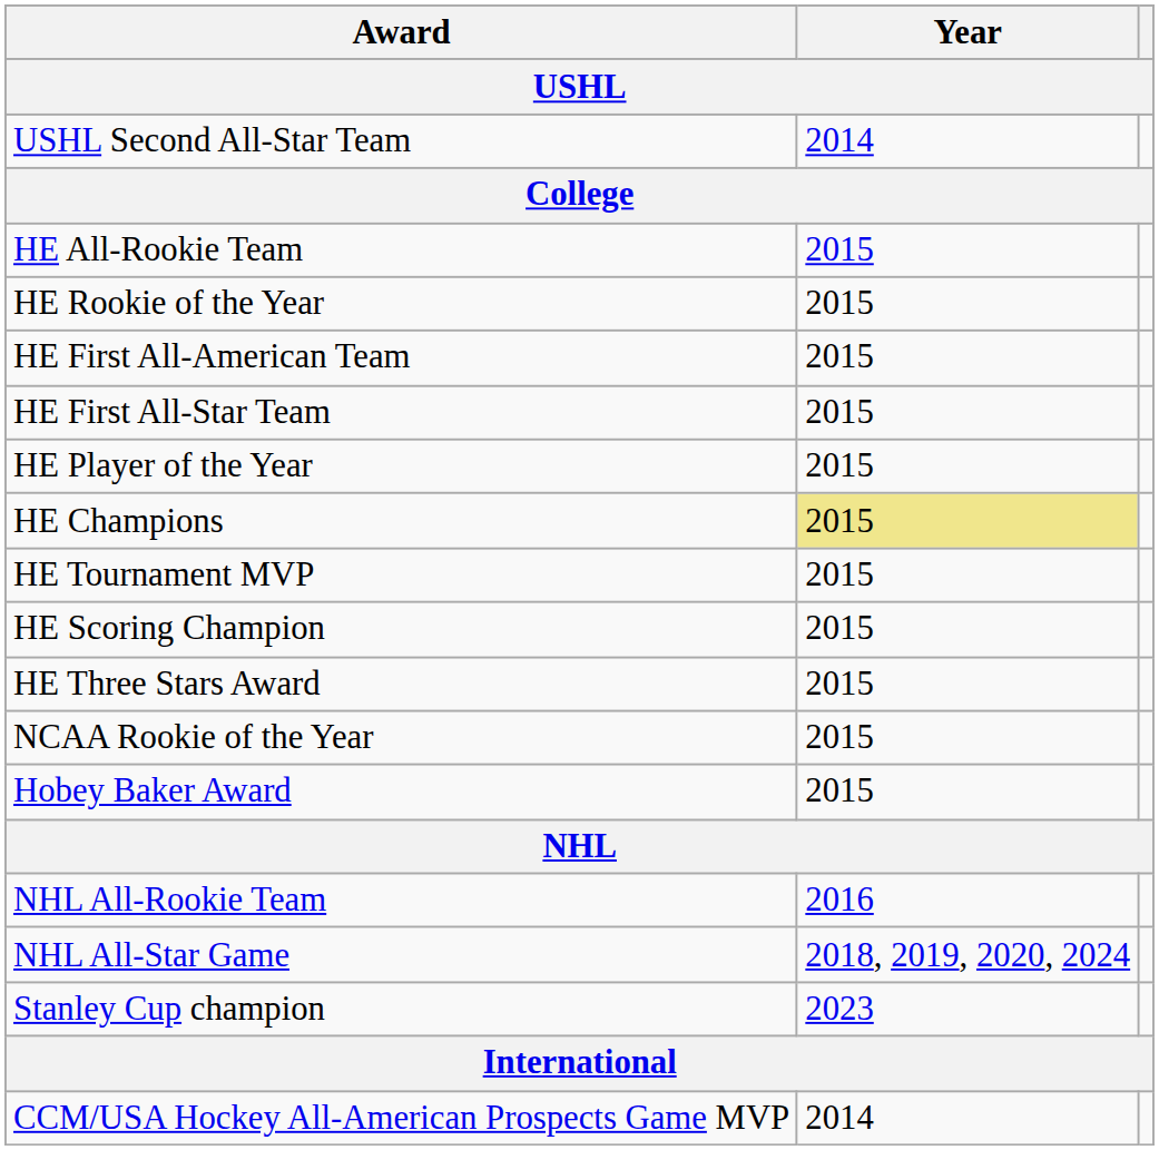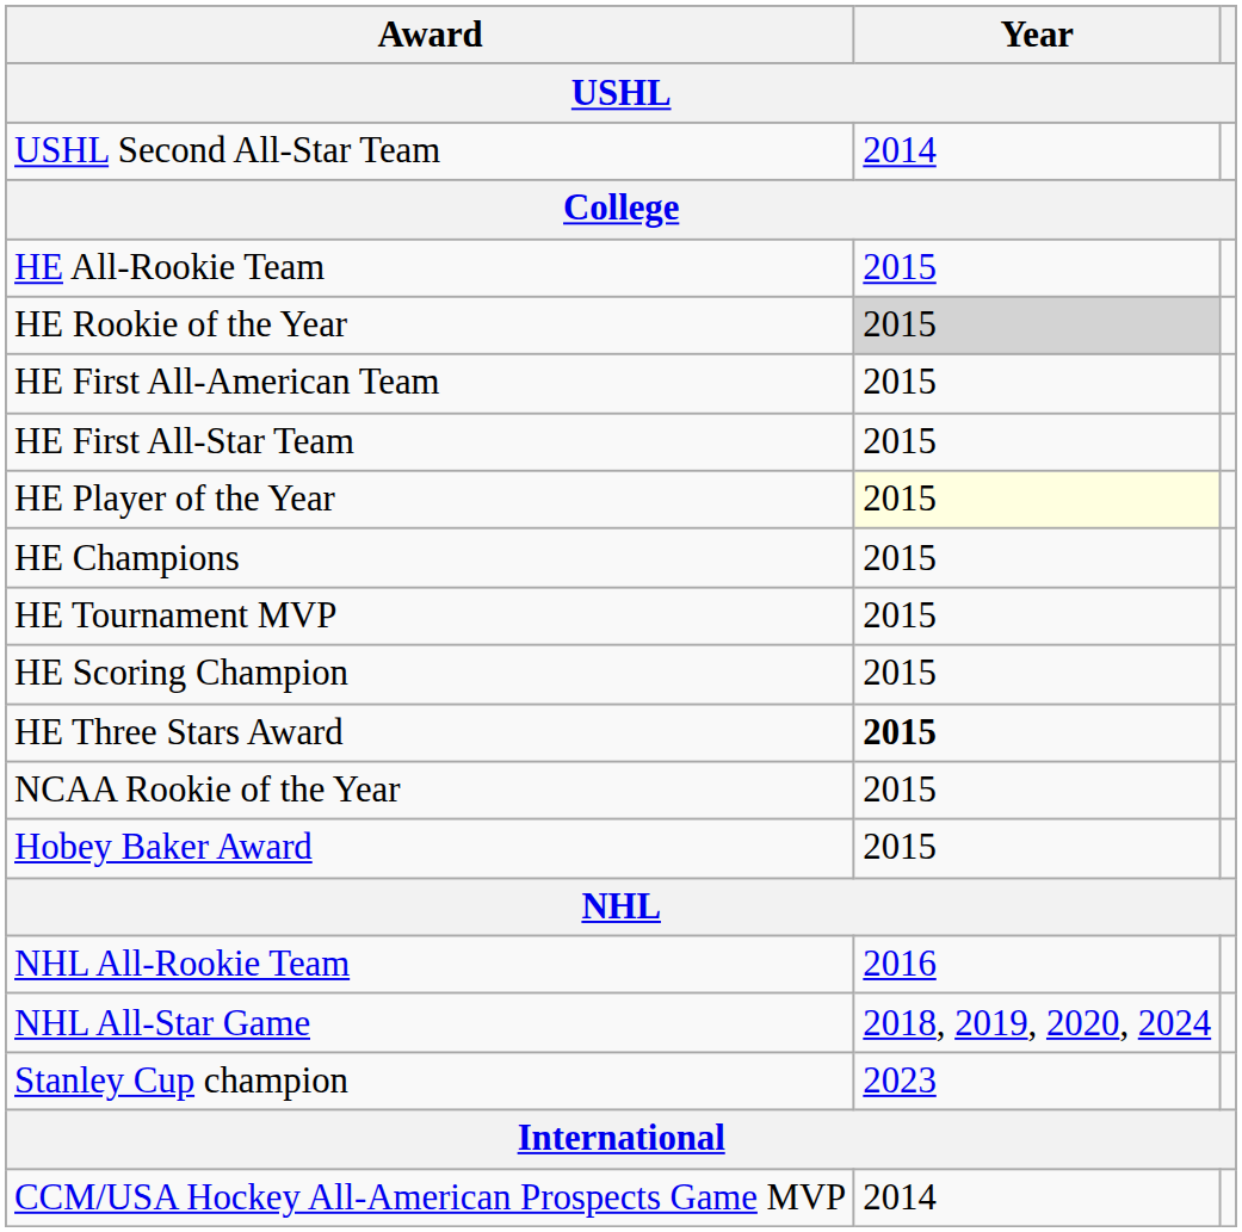 <table class="wikitable">
 <tr>
 <th>Award</th>
 <th>Year</th>
 <th></th>
 </tr>
 <tr>
 <th colspan="3"><a href='#'>USHL</a></th>
 </tr>
 <tr>
 <td><a href='#'>USHL</a> Second All-Star Team</td>
 <td><a href='#'>2014</a></td>
 <td></td>
 </tr>
 <tr>
 <th colspan="3"><a href='#'>College</a></th>
 </tr>
 <tr>
 <td><a href='#'>HE</a> All-Rookie Team</td>
 <td><a href='#'>2015</a></td>
 <td></td>
 </tr>
 <tr>
 <td>HE Rookie of the Year</td>
-<td>2015</td>
+<td style="background: lightgrey;">2015</td>
 <td></td>
 </tr>
 <tr>
 <td>HE First All-American Team</td>
 <td>2015</td>
 <td></td>
 </tr>
 <tr>
 <td>HE First All-Star Team</td>
 <td>2015</td>
 <td></td>
 </tr>
 <tr>
 <td>HE Player of the Year</td>
-<td>2015</td>
+<td style="background: lightyellow;">2015</td>
 <td></td>
 </tr>
 <tr>
 <td>HE Champions</td>
-<td style="background: khaki;">2015</td>
+<td>2015</td>
 <td></td>
 </tr>
 <tr>
 <td>HE Tournament MVP</td>
 <td>2015</td>
 <td></td>
 </tr>
 <tr>
 <td>HE Scoring Champion</td>
 <td>2015</td>
 <td></td>
 </tr>
 <tr>
 <td>HE Three Stars Award</td>
-<td>2015</td>
+<td><strong>2015</strong></td>
 <td></td>
 </tr>
 <tr>
 <td>NCAA Rookie of the Year</td>
 <td>2015</td>
 <td></td>
 </tr>
 <tr>
 <td><a href='#'>Hobey Baker Award</a></td>
 <td>2015</td>
 <td></td>
 </tr>
 <tr>
 <th colspan="3"><a href='#'>NHL</a></th>
 </tr>
 <tr>
 <td><a href='#'>NHL All-Rookie Team</a></td>
 <td><a href='#'>2016</a></td>
 <td></td>
 </tr>
 <tr>
 <td><a href='#'>NHL All-Star Game</a></td>
 <td><a href='#'>2018</a>, <a href='#'>2019</a>, <a href='#'>2020</a>, <a href='#'>2024</a></td>
 <td></td>
 </tr>
 <tr>
 <td><a href='#'>Stanley Cup</a> champion</td>
 <td><a href='#'>2023</a></td>
 <td></td>
 </tr>
 <tr>
 <th colspan="3"><a href='#'>International</a></th>
 </tr>
 <tr>
 <td><a href='#'>CCM/USA Hockey All-American Prospects Game</a> MVP</td>
 <td>2014</td>
 <td></td>
 </tr>
 </table>
